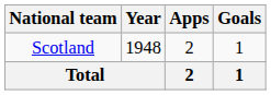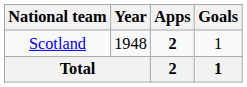 <table class=wikitable style="text-align: center">
 <tr>
 <th>National team</th>
 <th>Year</th>
 <th>Apps</th>
 <th>Goals</th>
 </tr>
 <tr>
 <td><a href='#'>Scotland</a></td>
 <td>1948</td>
-<td>2</td>
+<td><strong>2</strong></td>
 <td>1</td>
 </tr>
 <tr>
 <th colspan=2>Total</th>
 <th>2</th>
 <th>1</th>
 </tr>
 </table>
